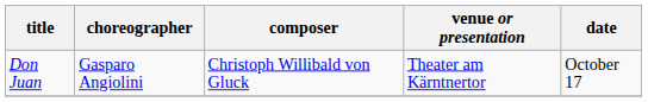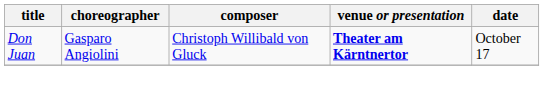 <table class="wikitable sortable">
 <tr>
 <th>title</th>
 <th>choreographer</th>
 <th>composer</th>
 <th>venue <em>or presentation</em></th>
 <th>date</th>
 </tr>
 <tr>
 <td><em><a href='#'> Don Juan</a></em></td>
 <td><a href='#'>Gasparo Angiolini</a></td>
 <td><a href='#'>Christoph Willibald von Gluck</a></td>
-<td><a href='#'>Theater am Kärntnertor</a></td>
+<td><strong><a href='#'>Theater am Kärntnertor</a></strong></td>
 <td>October 17</td>
 </tr>
 <tr>
 </tr>
 </table>
